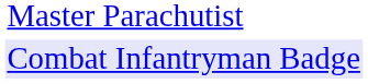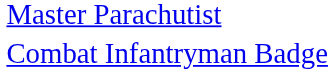 <table>
 <tr>
 <td> <a href='#'>Master Parachutist</a></td>
 </tr>
 <tr>
-<td style="background: lavender;"> <a href='#'>Combat Infantryman Badge</a></td>
+<td> <a href='#'>Combat Infantryman Badge</a></td>
 </tr>
 </table>
